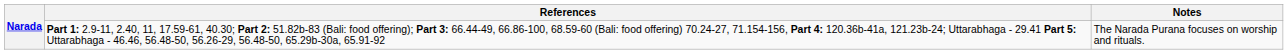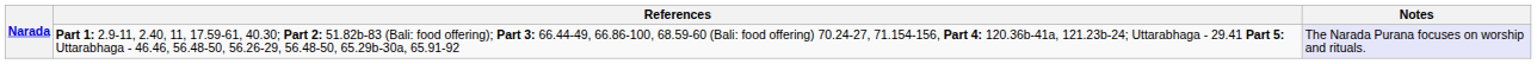 <table class="wikitable">
 <tr>
 <th rowspan="2"><a href='#'>Narada</a></th>
 <th>References</th>
 <th>Notes</th>
 </tr>
 <tr>
 <td><strong>Part 1:</strong> 2.9-11, 2.40, 11, 17.59-61, 40.30; <strong>Part 2:</strong> 51.82b-83 (Bali: food offering); <strong>Part 3:</strong> 66.44-49, 66.86-100, 68.59-60 (Bali: food offering) 70.24-27, 71.154-156, <strong>Part 4:</strong> 120.36b-41a, 121.23b-24; Uttarabhaga - 29.41 <strong>Part 5:</strong> Uttarabhaga - 46.46, 56.48-50, 56.26-29, 56.48-50, 65.29b-30a, 65.91-92 </td>
-<td>The Narada Purana focuses on worship and rituals.</td>
+<td style="background: lavender;">The Narada Purana focuses on worship and rituals.</td>
 </tr>
 </table>
